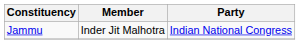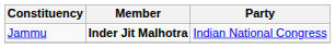 <table class="wikitable sortable">
 <tr>
 <th>Constituency</th>
 <th>Member</th>
 <th>Party</th>
 </tr>
 <tr>
 <td><a href='#'>Jammu</a></td>
-<td>Inder Jit Malhotra</td>
+<td><strong>Inder Jit Malhotra</strong></td>
 <td><a href='#'>Indian National Congress</a></td>
 </tr>
 <tr>
 </tr>
 </table>
